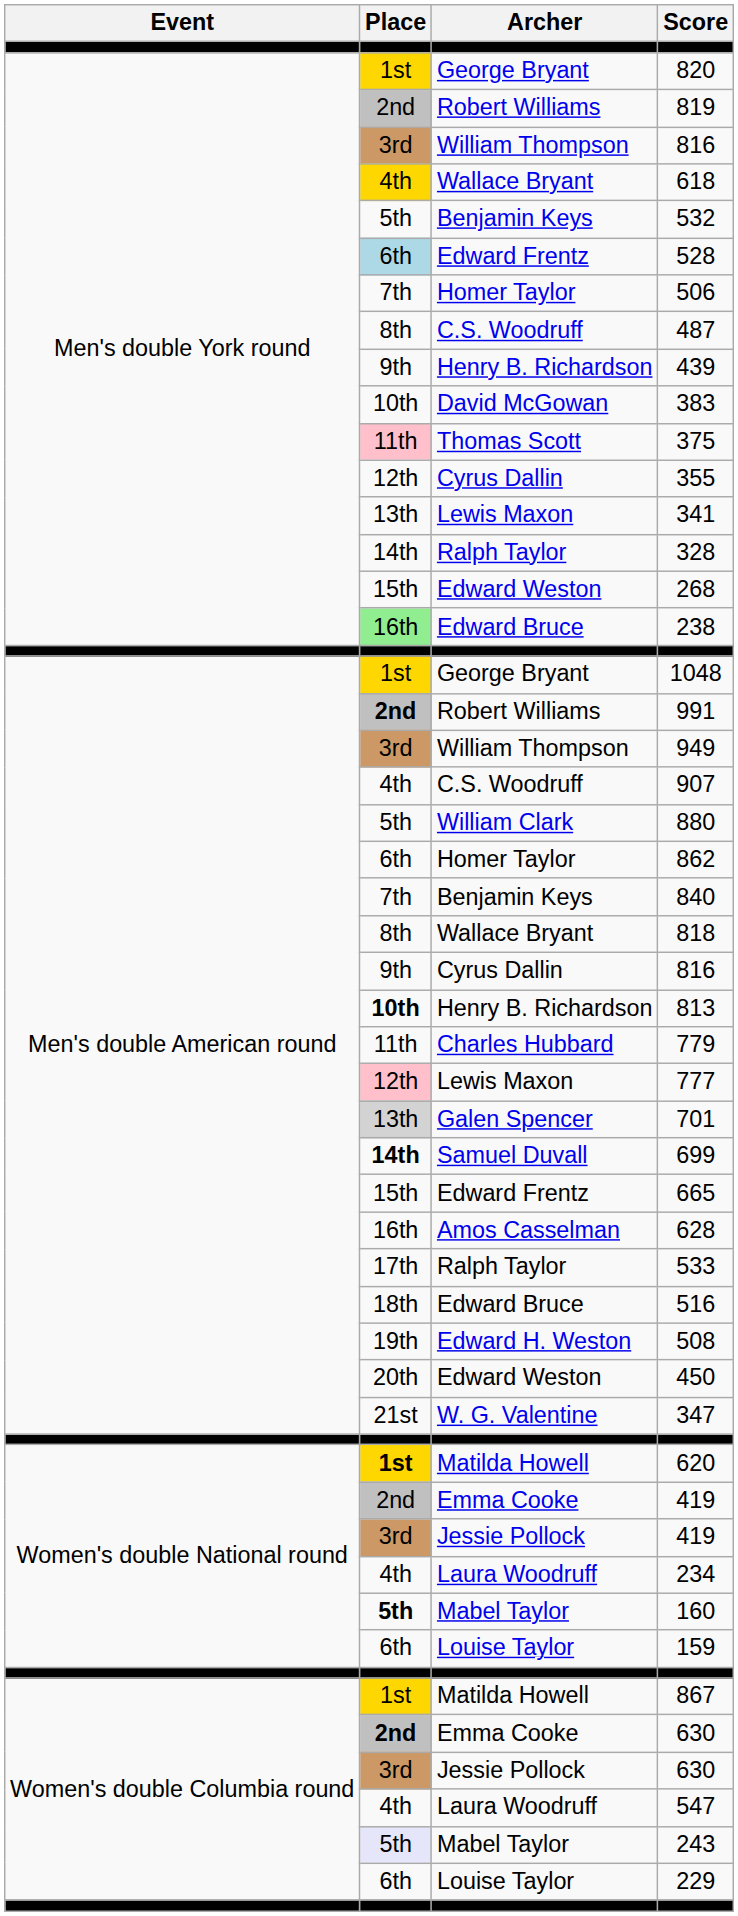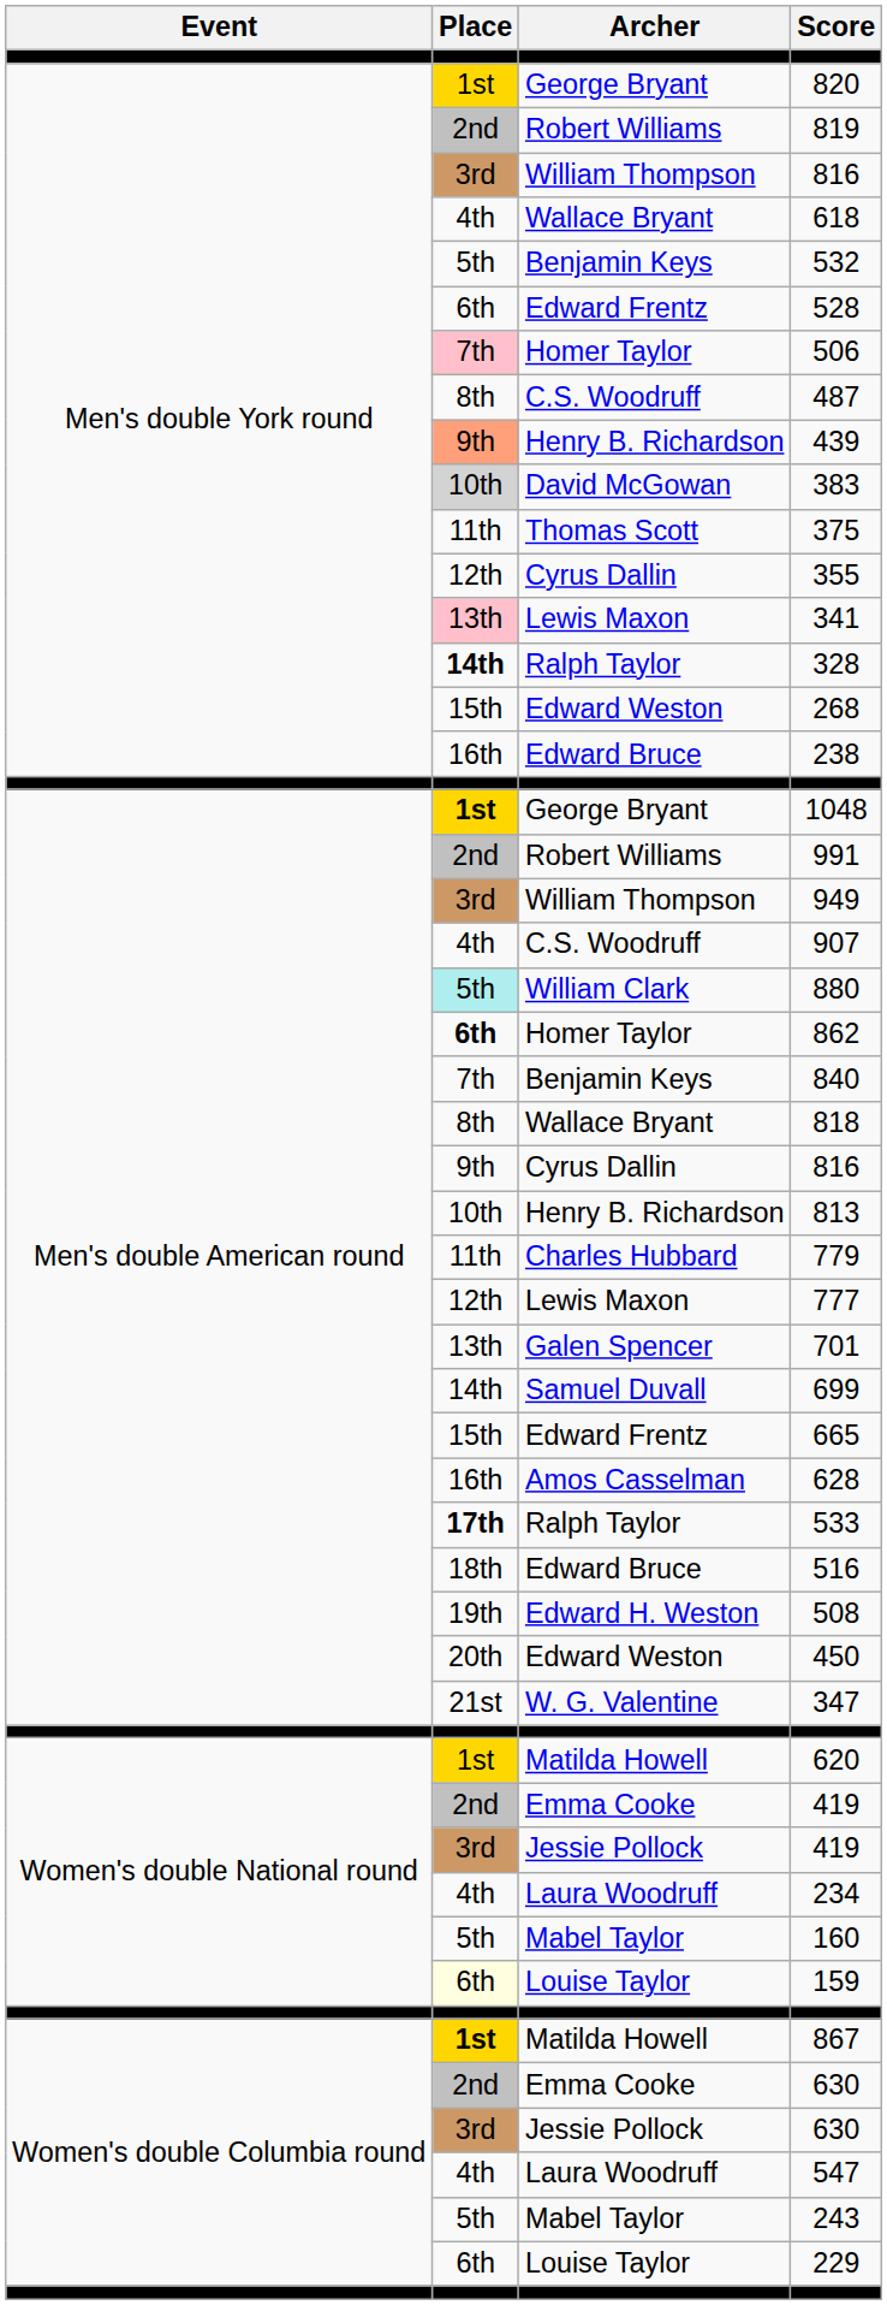 <table class=wikitable>
 <tr>
 <th>Event</th>
 <th>Place</th>
 <th>Archer</th>
 <th>Score</th>
 </tr>
 <tr bgcolor=black>
 <td></td>
 <td></td>
 <td></td>
 <td></td>
 </tr>
 <tr align=center>
 <td rowspan=16>Men's double York round</td>
 <td bgcolor=gold>1st</td>
 <td align=left><a href='#'>George Bryant</a></td>
 <td>820</td>
 </tr>
 <tr align=center>
 <td bgcolor=silver>2nd</td>
 <td align=left><a href='#'>Robert Williams</a></td>
 <td>819</td>
 </tr>
 <tr align=center>
 <td bgcolor=cc9966>3rd</td>
 <td align=left><a href='#'>William Thompson</a></td>
 <td>816</td>
 </tr>
 <tr align=center>
-<td style="background: gold;">4th</td>
+<td>4th</td>
 <td align=left><a href='#'>Wallace Bryant</a></td>
 <td>618</td>
 </tr>
 <tr align=center>
 <td>5th</td>
 <td align=left><a href='#'>Benjamin Keys</a></td>
 <td>532</td>
 </tr>
 <tr align=center>
-<td style="background: lightblue;">6th</td>
+<td>6th</td>
 <td align=left><a href='#'>Edward Frentz</a></td>
 <td>528</td>
 </tr>
 <tr align=center>
-<td>7th</td>
+<td style="background: pink;">7th</td>
 <td align=left><a href='#'>Homer Taylor</a></td>
 <td>506</td>
 </tr>
 <tr align=center>
 <td>8th</td>
 <td align=left><a href='#'>C.S. Woodruff</a></td>
 <td>487</td>
 </tr>
 <tr align=center>
-<td>9th</td>
+<td style="background: lightsalmon;">9th</td>
 <td align=left><a href='#'>Henry B. Richardson</a></td>
 <td>439</td>
 </tr>
 <tr align=center>
-<td>10th</td>
+<td style="background: lightgrey;">10th</td>
 <td align=left><a href='#'>David McGowan</a></td>
 <td>383</td>
 </tr>
 <tr align=center>
-<td style="background: pink;">11th</td>
+<td>11th</td>
 <td align=left><a href='#'>Thomas Scott</a></td>
 <td>375</td>
 </tr>
 <tr align=center>
 <td>12th</td>
 <td align=left><a href='#'>Cyrus Dallin</a></td>
 <td>355</td>
 </tr>
 <tr align=center>
-<td>13th</td>
+<td style="background: pink;">13th</td>
 <td align=left><a href='#'>Lewis Maxon</a></td>
 <td>341</td>
 </tr>
 <tr align=center>
-<td>14th</td>
+<td><strong>14th</strong></td>
 <td align=left><a href='#'>Ralph Taylor</a></td>
 <td>328</td>
 </tr>
 <tr align=center>
 <td>15th</td>
 <td align=left><a href='#'>Edward Weston</a></td>
 <td>268</td>
 </tr>
 <tr align=center>
-<td style="background: lightgreen;">16th</td>
+<td>16th</td>
 <td align=left><a href='#'>Edward Bruce</a></td>
 <td>238</td>
 </tr>
 <tr bgcolor=black>
 <td></td>
 <td></td>
 <td></td>
 <td></td>
 </tr>
 <tr align=center>
 <td rowspan=21>Men's double American round</td>
-<td bgcolor=gold>1st</td>
+<td bgcolor=gold><strong>1st</strong></td>
 <td align=left>George Bryant</td>
 <td>1048</td>
 </tr>
 <tr align=center>
-<td bgcolor=silver><strong>2nd</strong></td>
+<td bgcolor=silver>2nd</td>
 <td align=left>Robert Williams</td>
 <td>991</td>
 </tr>
 <tr align=center>
 <td bgcolor=cc9966>3rd</td>
 <td align=left>William Thompson</td>
 <td>949</td>
 </tr>
 <tr align=center>
 <td>4th</td>
 <td align=left>C.S. Woodruff</td>
 <td>907</td>
 </tr>
 <tr align=center>
-<td>5th</td>
+<td style="background: paleturquoise;">5th</td>
 <td align=left><a href='#'>William Clark</a></td>
 <td>880</td>
 </tr>
 <tr align=center>
-<td>6th</td>
+<td><strong>6th</strong></td>
 <td align=left>Homer Taylor</td>
 <td>862</td>
 </tr>
 <tr align=center>
 <td>7th</td>
 <td align=left>Benjamin Keys</td>
 <td>840</td>
 </tr>
 <tr align=center>
 <td>8th</td>
 <td align=left>Wallace Bryant</td>
 <td>818</td>
 </tr>
 <tr align=center>
 <td>9th</td>
 <td align=left>Cyrus Dallin</td>
 <td>816</td>
 </tr>
 <tr align=center>
-<td><strong>10th</strong></td>
+<td>10th</td>
 <td align=left>Henry B. Richardson</td>
 <td>813</td>
 </tr>
 <tr align=center>
 <td>11th</td>
 <td align=left><a href='#'>Charles Hubbard</a></td>
 <td>779</td>
 </tr>
 <tr align=center>
-<td style="background: pink;">12th</td>
+<td>12th</td>
 <td align=left>Lewis Maxon</td>
 <td>777</td>
 </tr>
 <tr align=center>
-<td style="background: lightgrey;">13th</td>
+<td>13th</td>
 <td align=left><a href='#'>Galen Spencer</a></td>
 <td>701</td>
 </tr>
 <tr align=center>
-<td><strong>14th</strong></td>
+<td>14th</td>
 <td align=left><a href='#'>Samuel Duvall</a></td>
 <td>699</td>
 </tr>
 <tr align=center>
 <td>15th</td>
 <td align=left>Edward Frentz</td>
 <td>665</td>
 </tr>
 <tr align=center>
 <td>16th</td>
 <td align=left><a href='#'>Amos Casselman</a></td>
 <td>628</td>
 </tr>
 <tr align=center>
-<td>17th</td>
+<td><strong>17th</strong></td>
 <td align=left>Ralph Taylor</td>
 <td>533</td>
 </tr>
 <tr align=center>
 <td>18th</td>
 <td align=left>Edward Bruce</td>
 <td>516</td>
 </tr>
 <tr align=center>
 <td>19th</td>
 <td align=left><a href='#'>Edward H. Weston</a></td>
 <td>508</td>
 </tr>
 <tr align=center>
 <td>20th</td>
 <td align=left>Edward Weston</td>
 <td>450</td>
 </tr>
 <tr align=center>
 <td>21st</td>
 <td align=left><a href='#'>W. G. Valentine</a></td>
 <td>347</td>
 </tr>
 <tr bgcolor=black>
 <td></td>
 <td></td>
 <td></td>
 <td></td>
 </tr>
 <tr align=center>
 <td rowspan=6>Women's double National round</td>
-<td bgcolor=gold><strong>1st</strong></td>
+<td bgcolor=gold>1st</td>
 <td align=left><a href='#'>Matilda Howell</a></td>
 <td>620</td>
 </tr>
 <tr align=center>
 <td bgcolor=silver>2nd</td>
 <td align=left><a href='#'>Emma Cooke</a></td>
 <td>419</td>
 </tr>
 <tr align=center>
 <td bgcolor=cc9966>3rd</td>
 <td align=left><a href='#'>Jessie Pollock</a></td>
 <td>419</td>
 </tr>
 <tr align=center>
 <td>4th</td>
 <td align=left><a href='#'>Laura Woodruff</a></td>
 <td>234</td>
 </tr>
 <tr align=center>
-<td><strong>5th</strong></td>
+<td>5th</td>
 <td align=left><a href='#'>Mabel Taylor</a></td>
 <td>160</td>
 </tr>
 <tr align=center>
-<td>6th</td>
+<td style="background: lightyellow;">6th</td>
 <td align=left><a href='#'>Louise Taylor</a></td>
 <td>159</td>
 </tr>
 <tr bgcolor=black>
 <td></td>
 <td></td>
 <td></td>
 <td></td>
 </tr>
 <tr align=center>
 <td rowspan=6>Women's double Columbia round</td>
-<td bgcolor=gold>1st</td>
+<td bgcolor=gold><strong>1st</strong></td>
 <td align=left>Matilda Howell</td>
 <td>867</td>
 </tr>
 <tr align=center>
-<td bgcolor=silver><strong>2nd</strong></td>
+<td bgcolor=silver>2nd</td>
 <td align=left>Emma Cooke</td>
 <td>630</td>
 </tr>
 <tr align=center>
 <td bgcolor=cc9966>3rd</td>
 <td align=left>Jessie Pollock</td>
 <td>630</td>
 </tr>
 <tr align=center>
 <td>4th</td>
 <td align=left>Laura Woodruff</td>
 <td>547</td>
 </tr>
 <tr align=center>
-<td style="background: lavender;">5th</td>
+<td>5th</td>
 <td align=left>Mabel Taylor</td>
 <td>243</td>
 </tr>
 <tr align=center>
 <td>6th</td>
 <td align=left>Louise Taylor</td>
 <td>229</td>
 </tr>
 <tr bgcolor=black>
 <td></td>
 <td></td>
 <td></td>
 <td></td>
 </tr>
 </table>
